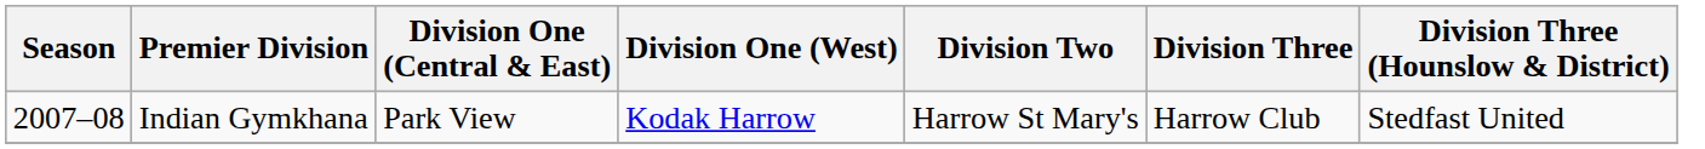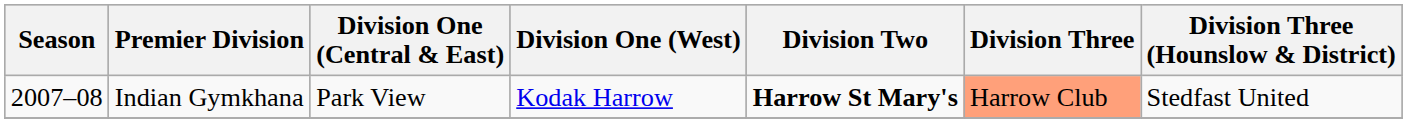 <table class="wikitable">
 <tr>
 <th><strong>Season</strong></th>
 <th><strong>Premier Division</strong></th>
 <th><strong>Division One <br> (Central & East)</strong></th>
 <th><strong>Division One (West)</strong></th>
 <th><strong>Division Two</strong></th>
 <th><strong>Division Three</strong></th>
 <th><strong>Division Three <br> (Hounslow & District)</strong></th>
 </tr>
 <tr>
 <td>2007–08</td>
 <td>Indian Gymkhana</td>
 <td>Park View</td>
 <td><a href='#'>Kodak Harrow</a></td>
-<td>Harrow St Mary's</td>
-<td>Harrow Club</td>
+<td><strong>Harrow St Mary's</strong></td>
+<td style="background: lightsalmon;">Harrow Club</td>
 <td>Stedfast United</td>
 </tr>
 <tr>
 </tr>
 </table>
